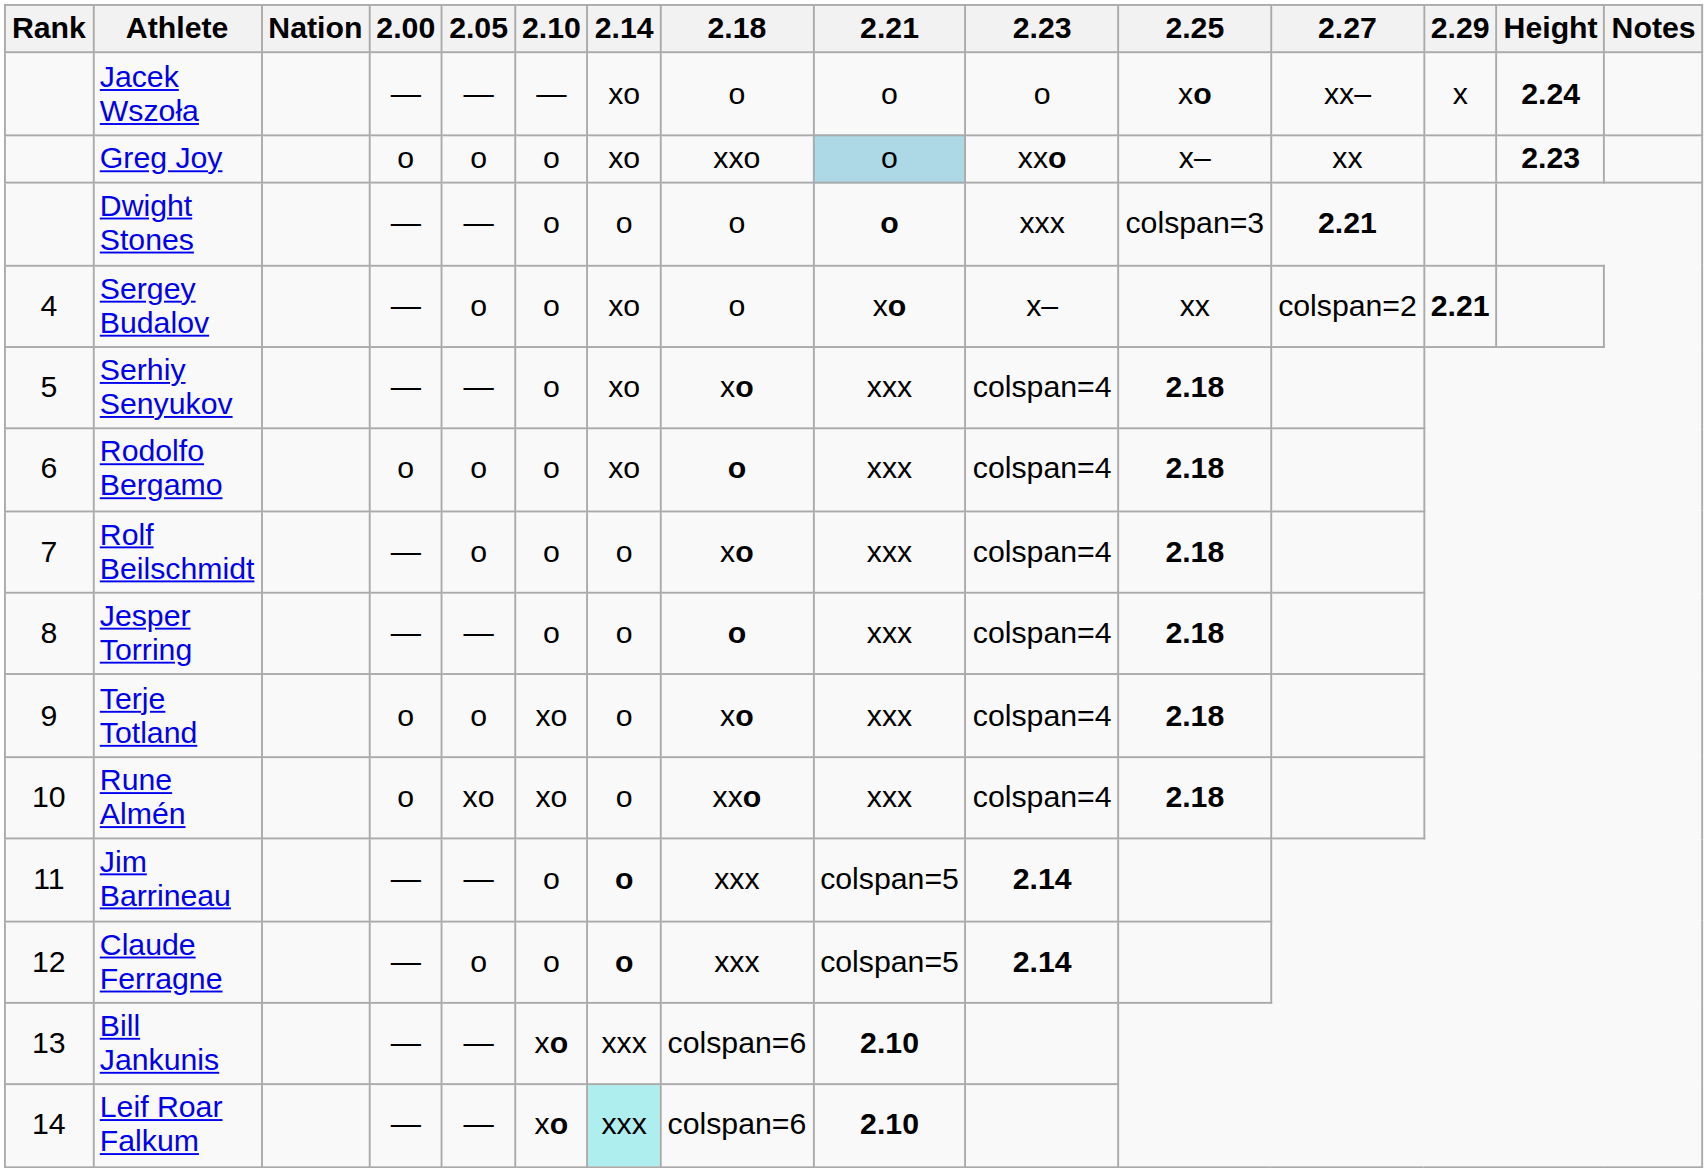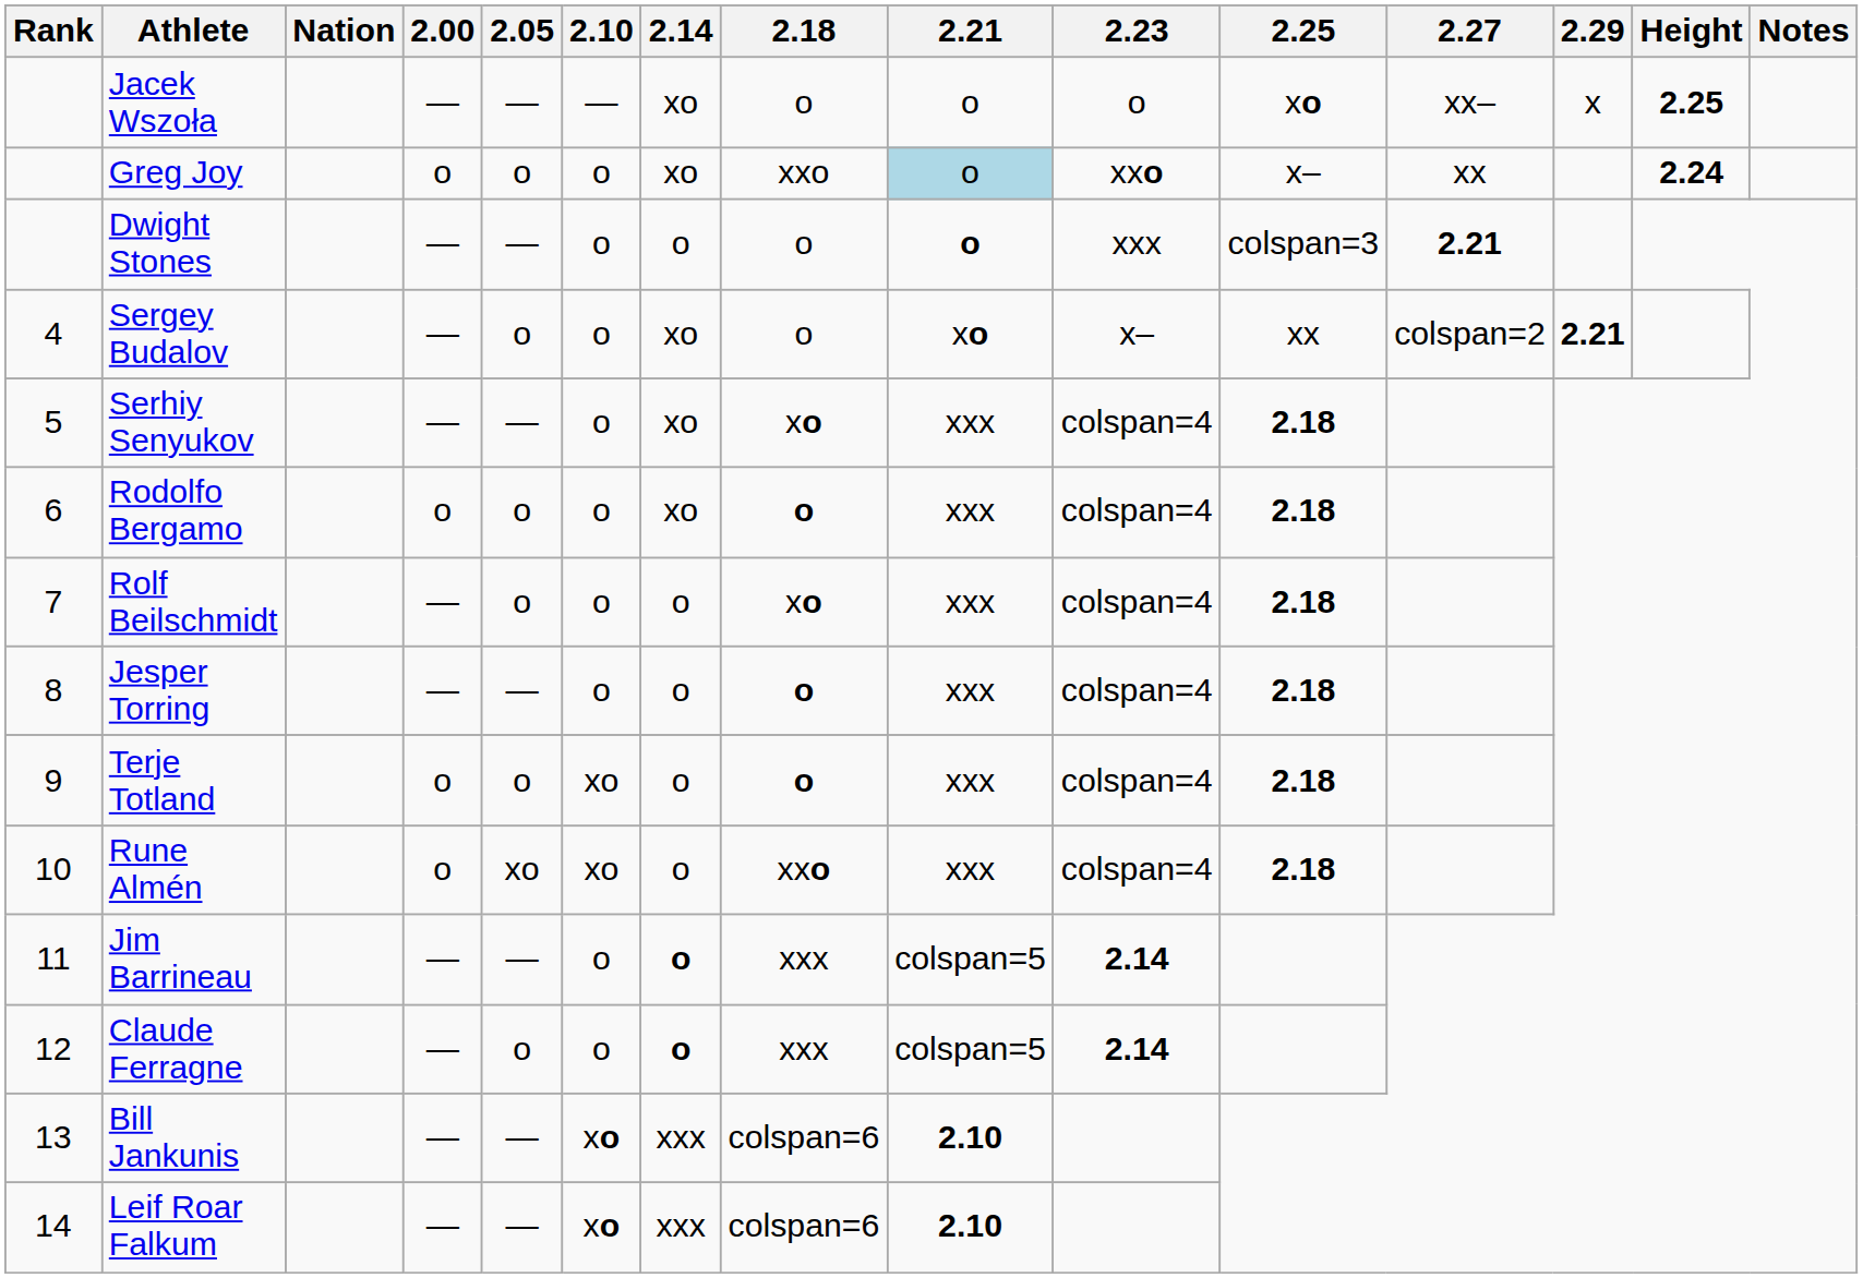 <table class="wikitable sortable" style="text-align:center">
 <tr>
 <th>Rank</th>
 <th>Athlete</th>
 <th>Nation</th>
 <th>2.00</th>
 <th>2.05</th>
 <th>2.10</th>
 <th>2.14</th>
 <th>2.18</th>
 <th>2.21</th>
 <th>2.23</th>
 <th>2.25</th>
 <th>2.27</th>
 <th>2.29</th>
 <th>Height</th>
 <th>Notes</th>
 </tr>
 <tr>
 <td></td>
 <td align="left"><a href='#'>Jacek Wszoła</a></td>
 <td align=left></td>
 <td>—</td>
 <td>—</td>
 <td>—</td>
 <td>xo</td>
 <td>o</td>
 <td>o</td>
 <td>o</td>
 <td>x<strong>o</strong></td>
 <td>xx–</td>
 <td>x</td>
-<td><strong>2.24</strong></td>
+<td><strong>2.25</strong></td>
 <td></td>
 </tr>
 <tr>
 <td></td>
 <td align="left"><a href='#'>Greg Joy</a></td>
 <td align=left></td>
 <td>o</td>
 <td>o</td>
 <td>o</td>
 <td>xo</td>
 <td>xxo</td>
 <td style="background: lightblue;">o</td>
 <td>xx<strong>o</strong></td>
 <td>x–</td>
 <td>xx</td>
 <td></td>
-<td><strong>2.23</strong></td>
+<td><strong>2.24</strong></td>
 <td></td>
 </tr>
 <tr>
 <td></td>
 <td align="left"><a href='#'>Dwight Stones</a></td>
 <td align=left></td>
 <td>—</td>
 <td>—</td>
 <td>o</td>
 <td>o</td>
 <td>o</td>
 <td><strong>o</strong></td>
 <td>xxx</td>
 <td>colspan=3 </td>
 <td><strong>2.21</strong></td>
 <td></td>
 </tr>
 <tr>
 <td>4</td>
 <td align="left"><a href='#'>Sergey Budalov</a></td>
 <td align=left></td>
 <td>—</td>
 <td>o</td>
 <td>o</td>
 <td>xo</td>
 <td>o</td>
 <td>x<strong>o</strong></td>
 <td>x–</td>
 <td>xx</td>
 <td>colspan=2 </td>
 <td><strong>2.21</strong></td>
 <td></td>
 </tr>
 <tr>
 <td>5</td>
 <td align="left"><a href='#'>Serhiy Senyukov</a></td>
 <td align=left></td>
 <td>—</td>
 <td>—</td>
 <td>o</td>
 <td>xo</td>
 <td>x<strong>o</strong></td>
 <td>xxx</td>
 <td>colspan=4 </td>
 <td><strong>2.18</strong></td>
 <td></td>
 </tr>
 <tr>
 <td>6</td>
 <td align="left"><a href='#'>Rodolfo Bergamo</a></td>
 <td align=left></td>
 <td>o</td>
 <td>o</td>
 <td>o</td>
 <td>xo</td>
 <td><strong>o</strong></td>
 <td>xxx</td>
 <td>colspan=4 </td>
 <td><strong>2.18</strong></td>
 <td></td>
 </tr>
 <tr>
 <td>7</td>
 <td align="left"><a href='#'>Rolf Beilschmidt</a></td>
 <td align=left></td>
 <td>—</td>
 <td>o</td>
 <td>o</td>
 <td>o</td>
 <td>x<strong>o</strong></td>
 <td>xxx</td>
 <td>colspan=4 </td>
 <td><strong>2.18</strong></td>
 <td></td>
 </tr>
 <tr>
 <td>8</td>
 <td align="left"><a href='#'>Jesper Torring</a></td>
 <td align=left></td>
 <td>—</td>
 <td>—</td>
 <td>o</td>
 <td>o</td>
 <td><strong>o</strong></td>
 <td>xxx</td>
 <td>colspan=4 </td>
 <td><strong>2.18</strong></td>
 <td></td>
 </tr>
 <tr>
 <td>9</td>
 <td align="left"><a href='#'>Terje Totland</a></td>
 <td align=left></td>
 <td>o</td>
 <td>o</td>
 <td>xo</td>
 <td>o</td>
-<td>x<strong>o</strong></td>
+<td><strong>o</strong></td>
 <td>xxx</td>
 <td>colspan=4 </td>
 <td><strong>2.18</strong></td>
 <td></td>
 </tr>
 <tr>
 <td>10</td>
 <td align="left"><a href='#'>Rune Almén</a></td>
 <td align=left></td>
 <td>o</td>
 <td>xo</td>
 <td>xo</td>
 <td>o</td>
 <td>xx<strong>o</strong></td>
 <td>xxx</td>
 <td>colspan=4 </td>
 <td><strong>2.18</strong></td>
 <td></td>
 </tr>
 <tr>
 <td>11</td>
 <td align="left"><a href='#'>Jim Barrineau</a></td>
 <td align=left></td>
 <td>—</td>
 <td>—</td>
 <td>o</td>
 <td><strong>o</strong></td>
 <td>xxx</td>
 <td>colspan=5 </td>
 <td><strong>2.14</strong></td>
 <td></td>
 </tr>
 <tr>
 <td>12</td>
 <td align="left"><a href='#'>Claude Ferragne</a></td>
 <td align=left></td>
 <td>—</td>
 <td>o</td>
 <td>o</td>
 <td><strong>o</strong></td>
 <td>xxx</td>
 <td>colspan=5 </td>
 <td><strong>2.14</strong></td>
 <td></td>
 </tr>
 <tr>
 <td>13</td>
 <td align="left"><a href='#'>Bill Jankunis</a></td>
 <td align=left></td>
 <td>—</td>
 <td>—</td>
 <td>x<strong>o</strong></td>
 <td>xxx</td>
 <td>colspan=6 </td>
 <td><strong>2.10</strong></td>
 <td></td>
 </tr>
 <tr>
 <td>14</td>
 <td align="left"><a href='#'>Leif Roar Falkum</a></td>
 <td align=left></td>
 <td>—</td>
 <td>—</td>
 <td>x<strong>o</strong></td>
-<td style="background: paleturquoise;">xxx</td>
+<td>xxx</td>
 <td>colspan=6 </td>
 <td><strong>2.10</strong></td>
 <td></td>
 </tr>
 </table>
